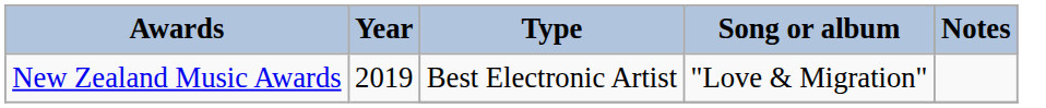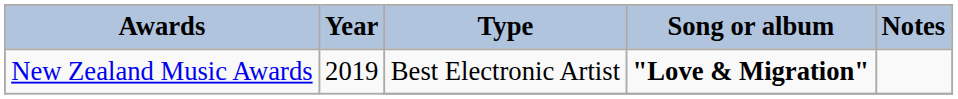 <table class="wikitable" style="font-size:90%">
 <tr style="text-align:center;">
 <th style="background:#B0C4DE;">Awards</th>
 <th style="background:#B0C4DE;">Year</th>
 <th style="background:#B0C4DE;">Type</th>
 <th style="background:#B0C4DE;">Song or album</th>
 <th style="background:#B0C4DE;">Notes</th>
 </tr>
 <tr>
 <td rowspan=3><a href='#'>New Zealand Music Awards</a></td>
 <td rowspan=3>2019</td>
 <td>Best Electronic Artist</td>
-<td>"Love & Migration"</td>
+<td><strong>"Love & Migration"</strong></td>
 <td></td>
 </tr>
 <tr>
 </tr>
 </table>
